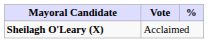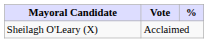 <table class="wikitable">
 <tr>
 <th style="background:#ddf; width:200px;">Mayoral Candidate</th>
 <th style="background:#ddf; width:50px;">Vote</th>
 <th style="background:#ddf; width:30px;">%</th>
 </tr>
 <tr>
-<td><strong>Sheilagh O'Leary (X)</strong></td>
+<td>Sheilagh O'Leary (X)</td>
 <td colspan="2">Acclaimed</td>
 </tr>
 </table>
